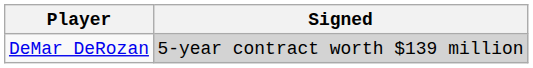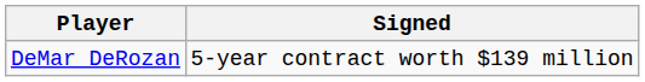 <table class="wikitable sortable sortable">
 <tr>
 <th>Player</th>
 <th>Signed</th>
 </tr>
 <tr style="text-align: center">
 <td><a href='#'>DeMar DeRozan</a></td>
-<td style="background: lightgrey;">5-year contract worth $139 million</td>
+<td>5-year contract worth $139 million</td>
 </tr>
 </table>
